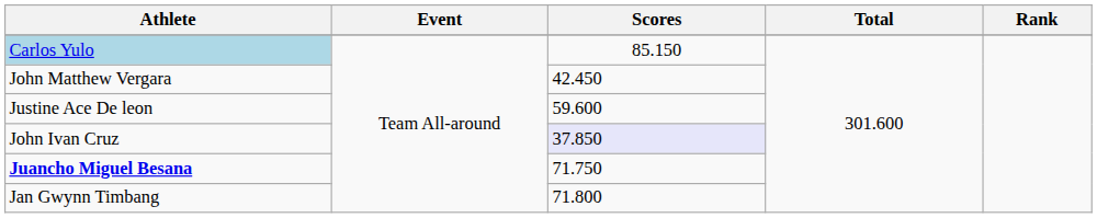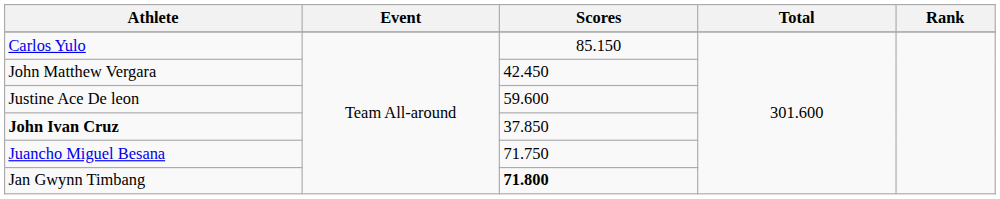 <table class="wikitable" style="font-size:90%">
 <tr>
 <th width="15%">Athlete</th>
 <th width="10%">Event</th>
 <th width="10%"><strong>Scores</strong></th>
 <th width="10%">Total</th>
 <th width="5%">Rank</th>
 </tr>
 <tr>
 </tr>
 <tr align="center">
-<td align="left" style="background: lightblue;"><a href='#'>Carlos Yulo</a></td>
+<td align="left"><a href='#'>Carlos Yulo</a></td>
 <td rowspan="6">Team All-around</td>
 <td>85.150</td>
 <td rowspan="6">301.600</td>
 <td rowspan="6"></td>
 </tr>
 <tr>
 <td>John Matthew Vergara</td>
 <td>42.450</td>
 </tr>
 <tr>
 <td>Justine Ace De leon</td>
 <td>59.600</td>
 </tr>
 <tr>
-<td>John Ivan Cruz</td>
-<td style="background: lavender;">37.850</td>
+<td><strong>John Ivan Cruz</strong></td>
+<td>37.850</td>
 </tr>
 <tr>
-<td><strong><a href='#'>Juancho Miguel Besana</a></strong></td>
+<td><a href='#'>Juancho Miguel Besana</a></td>
 <td>71.750</td>
 </tr>
 <tr>
 <td>Jan Gwynn Timbang</td>
-<td>71.800</td>
+<td><strong>71.800</strong></td>
 </tr>
 </table>
